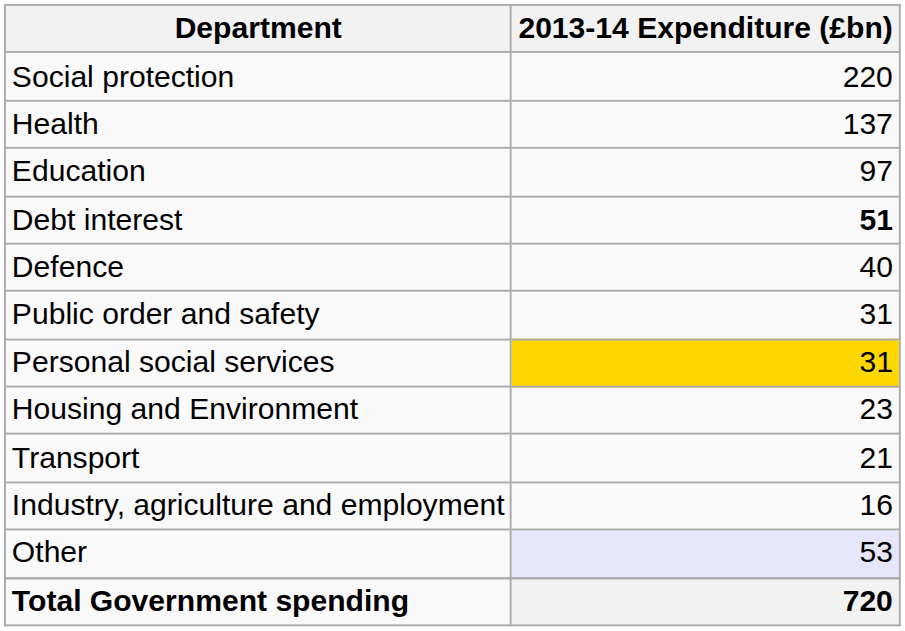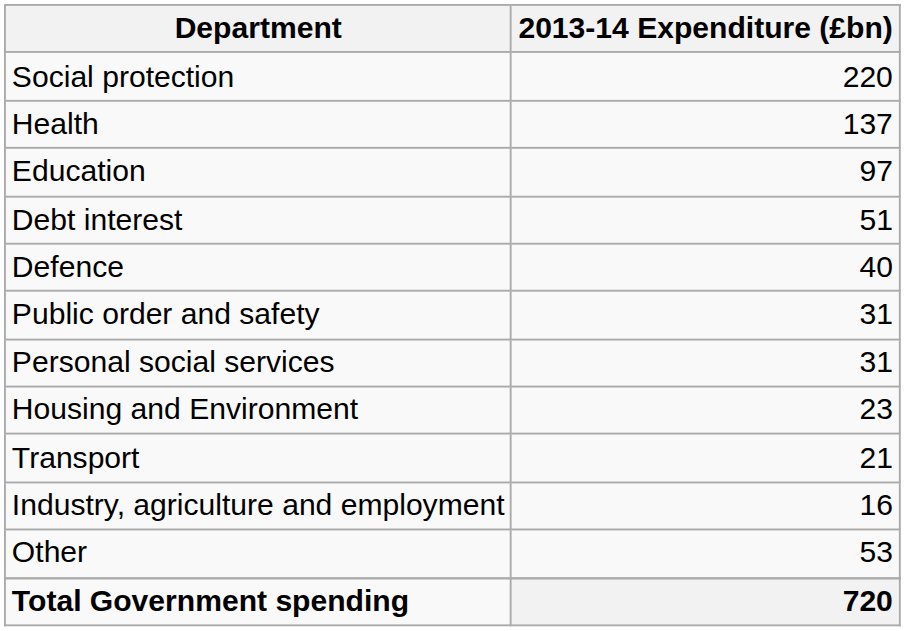 <table class="wikitable sortable">
 <tr>
 <th>Department</th>
 <th style="text-align: right">2013-14 Expenditure (£bn)</th>
 </tr>
 <tr>
 <td>Social protection</td>
 <td style="text-align: right">220</td>
 </tr>
 <tr>
 <td>Health</td>
 <td style="text-align: right">137</td>
 </tr>
 <tr>
 <td>Education</td>
 <td style="text-align: right">97</td>
 </tr>
 <tr>
 <td>Debt interest</td>
-<td style="text-align: right"><strong>51</strong></td>
+<td style="text-align: right">51</td>
 </tr>
 <tr>
 <td>Defence</td>
 <td style="text-align: right">40</td>
 </tr>
 <tr>
 <td>Public order and safety</td>
 <td style="text-align: right">31</td>
 </tr>
 <tr>
 <td>Personal social services</td>
-<td style="background: gold; text-align: right">31</td>
+<td style="text-align: right">31</td>
 </tr>
 <tr>
 <td>Housing and Environment</td>
 <td style="text-align: right">23</td>
 </tr>
 <tr>
 <td>Transport</td>
 <td style="text-align: right">21</td>
 </tr>
 <tr>
 <td>Industry, agriculture and employment</td>
 <td style="text-align: right">16</td>
 </tr>
 <tr>
 <td>Other</td>
-<td style="background: lavender; text-align: right">53</td>
+<td style="text-align: right">53</td>
 </tr>
 <tr>
 </tr>
 <tr class="sortbottom">
 <td style="text-align: left"><strong>Total Government spending</strong></td>
 <th style="text-align: right">720</th>
 </tr>
 </table>
